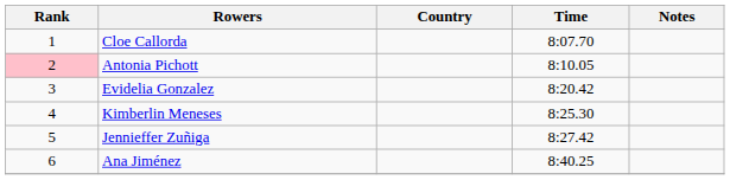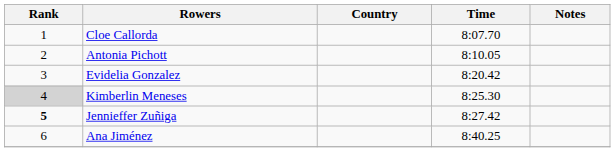 <table class="wikitable" width=60% style="text-align:center">
 <tr>
 <th>Rank</th>
 <th>Rowers</th>
 <th>Country</th>
 <th>Time</th>
 <th>Notes</th>
 </tr>
 <tr>
 <td>1</td>
 <td align=left><a href='#'>Cloe Callorda</a></td>
 <td align=left></td>
 <td>8:07.70</td>
 <td></td>
 </tr>
 <tr>
-<td style="background: pink;">2</td>
+<td>2</td>
 <td align=left><a href='#'>Antonia Pichott</a></td>
 <td align=left></td>
 <td>8:10.05</td>
 <td></td>
 </tr>
 <tr>
 <td>3</td>
 <td align=left><a href='#'>Evidelia Gonzalez</a></td>
 <td align=left></td>
 <td>8:20.42</td>
 <td></td>
 </tr>
 <tr>
-<td>4</td>
+<td style="background: lightgrey;">4</td>
 <td align=left><a href='#'>Kimberlin Meneses</a></td>
 <td align=left></td>
 <td>8:25.30</td>
 <td></td>
 </tr>
 <tr>
-<td>5</td>
+<td><strong>5</strong></td>
 <td align=left><a href='#'>Jennieffer Zuñiga</a></td>
 <td align=left></td>
 <td>8:27.42</td>
 <td></td>
 </tr>
 <tr>
 <td>6</td>
 <td align=left><a href='#'>Ana Jiménez</a></td>
 <td align=left></td>
 <td>8:40.25</td>
 <td></td>
 </tr>
 <tr>
 </tr>
 </table>
